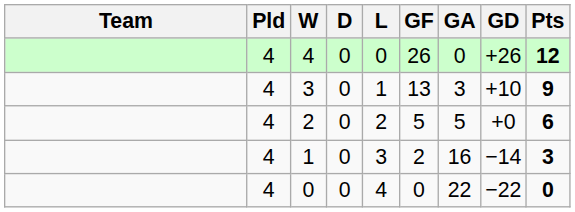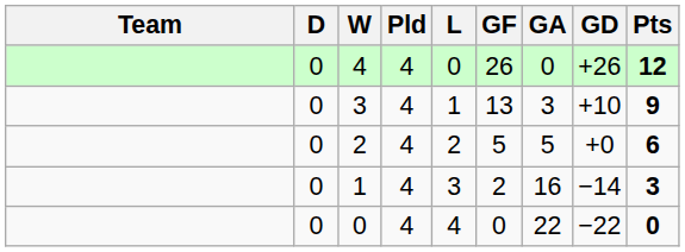 <table class="wikitable" style="text-align:center;">
 <tr>
 <th width=175>Team</th>
+<th width=20 abbr="Drawn">D</th>
+<th width=20 abbr="Won">W</th>
 <th width=20 abbr="Played">Pld</th>
-<th width=20 abbr="Won">W</th>
-<th width=20 abbr="Drawn">D</th>
 <th width=20 abbr="Lost">L</th>
 <th width=20 abbr="Goals for">GF</th>
 <th width=20 abbr="Goals against">GA</th>
 <th width=20 abbr="Goal difference">GD</th>
 <th width=20 abbr="Points">Pts</th>
 </tr>
 <tr bgcolor=#ccffcc>
 <td align="left"></td>
+<td>0</td>
 <td>4</td>
 <td>4</td>
-<td>0</td>
 <td>0</td>
 <td>26</td>
 <td>0</td>
 <td>+26</td>
 <td><strong>12</strong></td>
 </tr>
 <tr>
 <td align="left"></td>
+<td>0</td>
+<td>3</td>
 <td>4</td>
-<td>3</td>
-<td>0</td>
 <td>1</td>
 <td>13</td>
 <td>3</td>
 <td>+10</td>
 <td><strong>9</strong></td>
 </tr>
 <tr>
 <td align="left"></td>
+<td>0</td>
+<td>2</td>
 <td>4</td>
-<td>2</td>
-<td>0</td>
 <td>2</td>
 <td>5</td>
 <td>5</td>
 <td>+0</td>
 <td><strong>6</strong></td>
 </tr>
 <tr>
 <td align="left"></td>
+<td>0</td>
+<td>1</td>
 <td>4</td>
-<td>1</td>
-<td>0</td>
 <td>3</td>
 <td>2</td>
 <td>16</td>
 <td>−14</td>
 <td><strong>3</strong></td>
 </tr>
 <tr>
 <td align="left"></td>
-<td>4</td>
 <td>0</td>
 <td>0</td>
+<td>4</td>
 <td>4</td>
 <td>0</td>
 <td>22</td>
 <td>−22</td>
 <td><strong>0</strong></td>
 </tr>
 </table>
